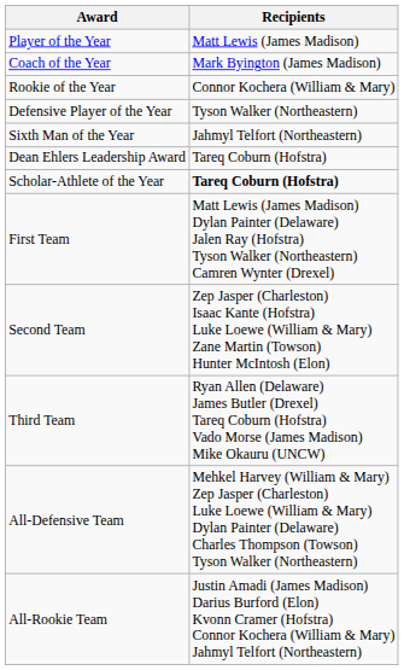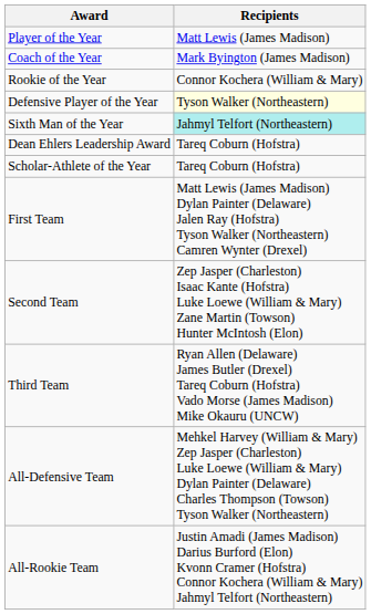 <table class="wikitable" style="white-space:nowrap; font-size:90%;">
 <tr>
 <th>Award</th>
 <th>Recipients</th>
 </tr>
 <tr>
 <td><a href='#'>Player of the Year</a></td>
 <td><a href='#'>Matt Lewis</a> (James Madison)</td>
 </tr>
 <tr>
 <td><a href='#'>Coach of the Year</a></td>
 <td><a href='#'>Mark Byington</a> (James Madison)</td>
 </tr>
 <tr>
 <td>Rookie of the Year</td>
 <td>Connor Kochera (William & Mary)</td>
 </tr>
 <tr>
 <td>Defensive Player of the Year</td>
-<td>Tyson Walker (Northeastern)</td>
+<td style="background: lightyellow;">Tyson Walker (Northeastern)</td>
 </tr>
 <tr>
 <td>Sixth Man of the Year</td>
-<td>Jahmyl Telfort (Northeastern)</td>
+<td style="background: paleturquoise;">Jahmyl Telfort (Northeastern)</td>
 </tr>
 <tr>
 <td>Dean Ehlers Leadership Award</td>
 <td>Tareq Coburn (Hofstra)</td>
 </tr>
 <tr>
 <td>Scholar-Athlete of the Year</td>
-<td><strong>Tareq Coburn (Hofstra)</strong></td>
+<td>Tareq Coburn (Hofstra)</td>
 </tr>
 <tr>
 <td>First Team</td>
 <td>Matt Lewis (James Madison) <br> Dylan Painter (Delaware) <br> Jalen Ray (Hofstra) <br> Tyson Walker (Northeastern) <br> Camren Wynter (Drexel)</td>
 </tr>
 <tr>
 <td>Second Team</td>
 <td>Zep Jasper (Charleston) <br> Isaac Kante (Hofstra) <br> Luke Loewe (William & Mary) <br> Zane Martin (Towson) <br> Hunter McIntosh (Elon)</td>
 </tr>
 <tr>
 <td>Third Team</td>
 <td>Ryan Allen (Delaware) <br> James Butler (Drexel) <br> Tareq Coburn (Hofstra) <br> Vado Morse (James Madison) <br> Mike Okauru (UNCW)</td>
 </tr>
 <tr>
 <td>All-Defensive Team</td>
 <td>Mehkel Harvey (William & Mary) <br> Zep Jasper (Charleston) <br> Luke Loewe (William & Mary) <br> Dylan Painter (Delaware) <br> Charles Thompson (Towson) <br> Tyson Walker (Northeastern)</td>
 </tr>
 <tr>
 <td>All-Rookie Team</td>
 <td>Justin Amadi (James Madison) <br> Darius Burford (Elon) <br> Kvonn Cramer (Hofstra) <br> Connor Kochera (William & Mary) <br> Jahmyl Telfort (Northeastern)</td>
 </tr>
 </table>
